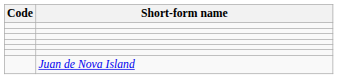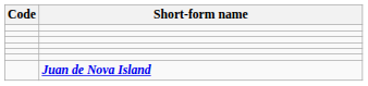 <table class="wikitable sortable">
 <tr>
 <th>Code</th>
 <th width=400px>Short-form name</th>
 </tr>
 <tr>
 <td></td>
 <td></td>
 </tr>
 <tr>
 <td></td>
 <td><em></em></td>
 </tr>
 <tr>
 <td></td>
 <td></td>
 </tr>
 <tr>
 <td></td>
 <td><em></em></td>
 </tr>
 <tr>
 <td></td>
 <td></td>
 </tr>
 <tr>
 <td></td>
 <td><em></em></td>
 </tr>
 <tr>
 <td></td>
-<td> <em><a href='#'>Juan de Nova Island</a></em></td>
+<td><strong> <em><a href='#'>Juan de Nova Island</a></em></strong></td>
 </tr>
 </table>
